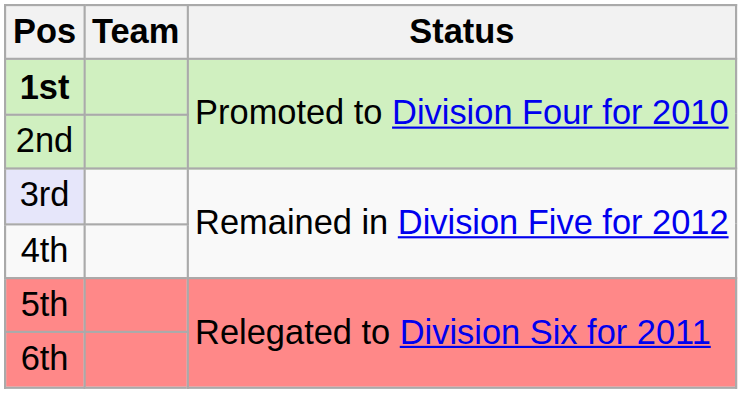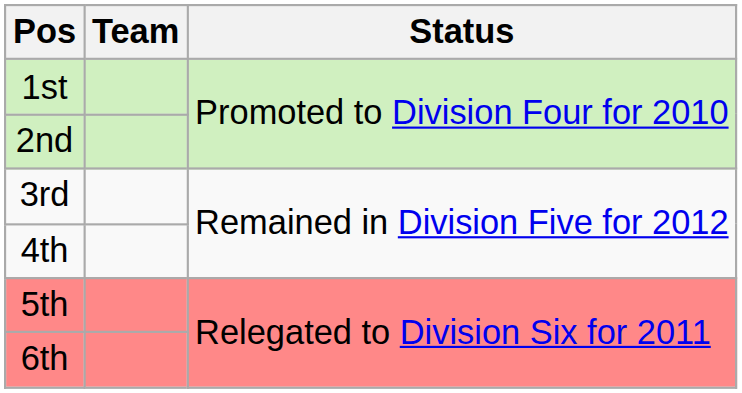 <table class="wikitable">
 <tr>
 <th>Pos</th>
 <th>Team</th>
 <th>Status</th>
 </tr>
 <tr style="background:#D0F0C0">
-<td align="center"><strong>1st</strong></td>
+<td align="center">1st</td>
 <td></td>
 <td rowspan=2>Promoted to <a href='#'>Division Four for 2010</a></td>
 </tr>
 <tr style="background:#D0F0C0">
 <td align="center">2nd</td>
 <td></td>
 </tr>
 <tr>
-<td align="center" style="background: lavender;">3rd</td>
+<td align="center">3rd</td>
 <td></td>
 <td rowspan=2>Remained in <a href='#'>Division Five for 2012</a></td>
 </tr>
 <tr>
 <td align="center">4th</td>
 <td></td>
 </tr>
 <tr style="background:#FF8888">
 <td align="center">5th</td>
 <td></td>
 <td rowspan=2>Relegated to <a href='#'>Division Six for 2011</a></td>
 </tr>
 <tr style="background:#FF8888">
 <td align="center">6th</td>
 <td></td>
 </tr>
 </table>
